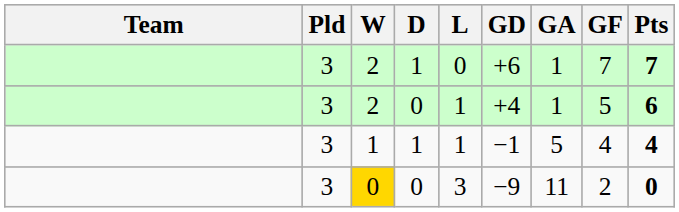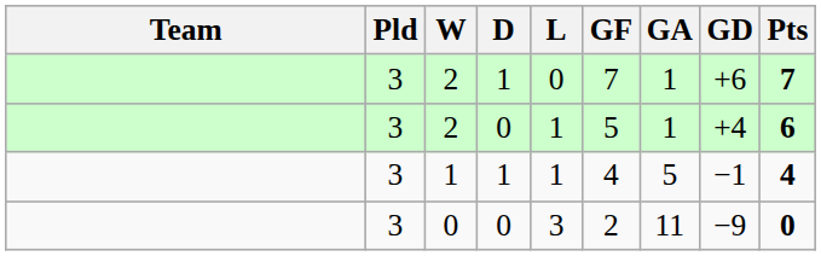 <table class="wikitable" style="text-align:center;">
 <tr>
 <th width=180>Team</th>
 <th width=20>Pld</th>
 <th width=20>W</th>
 <th width=20>D</th>
 <th width=20>L</th>
+<th width=20>GF</th>
+<th width=20>GA</th>
 <th width=20>GD</th>
-<th width=20>GA</th>
-<th width=20>GF</th>
 <th width=20>Pts</th>
 </tr>
 <tr bgcolor="ccffcc">
 <td align="left"></td>
 <td>3</td>
 <td>2</td>
 <td>1</td>
 <td>0</td>
+<td>7</td>
+<td>1</td>
 <td>+6</td>
-<td>1</td>
-<td>7</td>
 <td><strong>7</strong></td>
 </tr>
 <tr bgcolor="ccffcc">
 <td align="left"></td>
 <td>3</td>
 <td>2</td>
 <td>0</td>
 <td>1</td>
+<td>5</td>
+<td>1</td>
 <td>+4</td>
-<td>1</td>
-<td>5</td>
 <td><strong>6</strong></td>
 </tr>
 <tr>
 <td align="left"></td>
 <td>3</td>
 <td>1</td>
 <td>1</td>
 <td>1</td>
+<td>4</td>
+<td>5</td>
 <td>−1</td>
-<td>5</td>
-<td>4</td>
 <td><strong>4</strong></td>
 </tr>
 <tr>
 <td align="left"></td>
 <td>3</td>
-<td style="background: gold;">0</td>
+<td>0</td>
 <td>0</td>
 <td>3</td>
+<td>2</td>
+<td>11</td>
 <td>−9</td>
-<td>11</td>
-<td>2</td>
 <td><strong>0</strong></td>
 </tr>
 </table>
